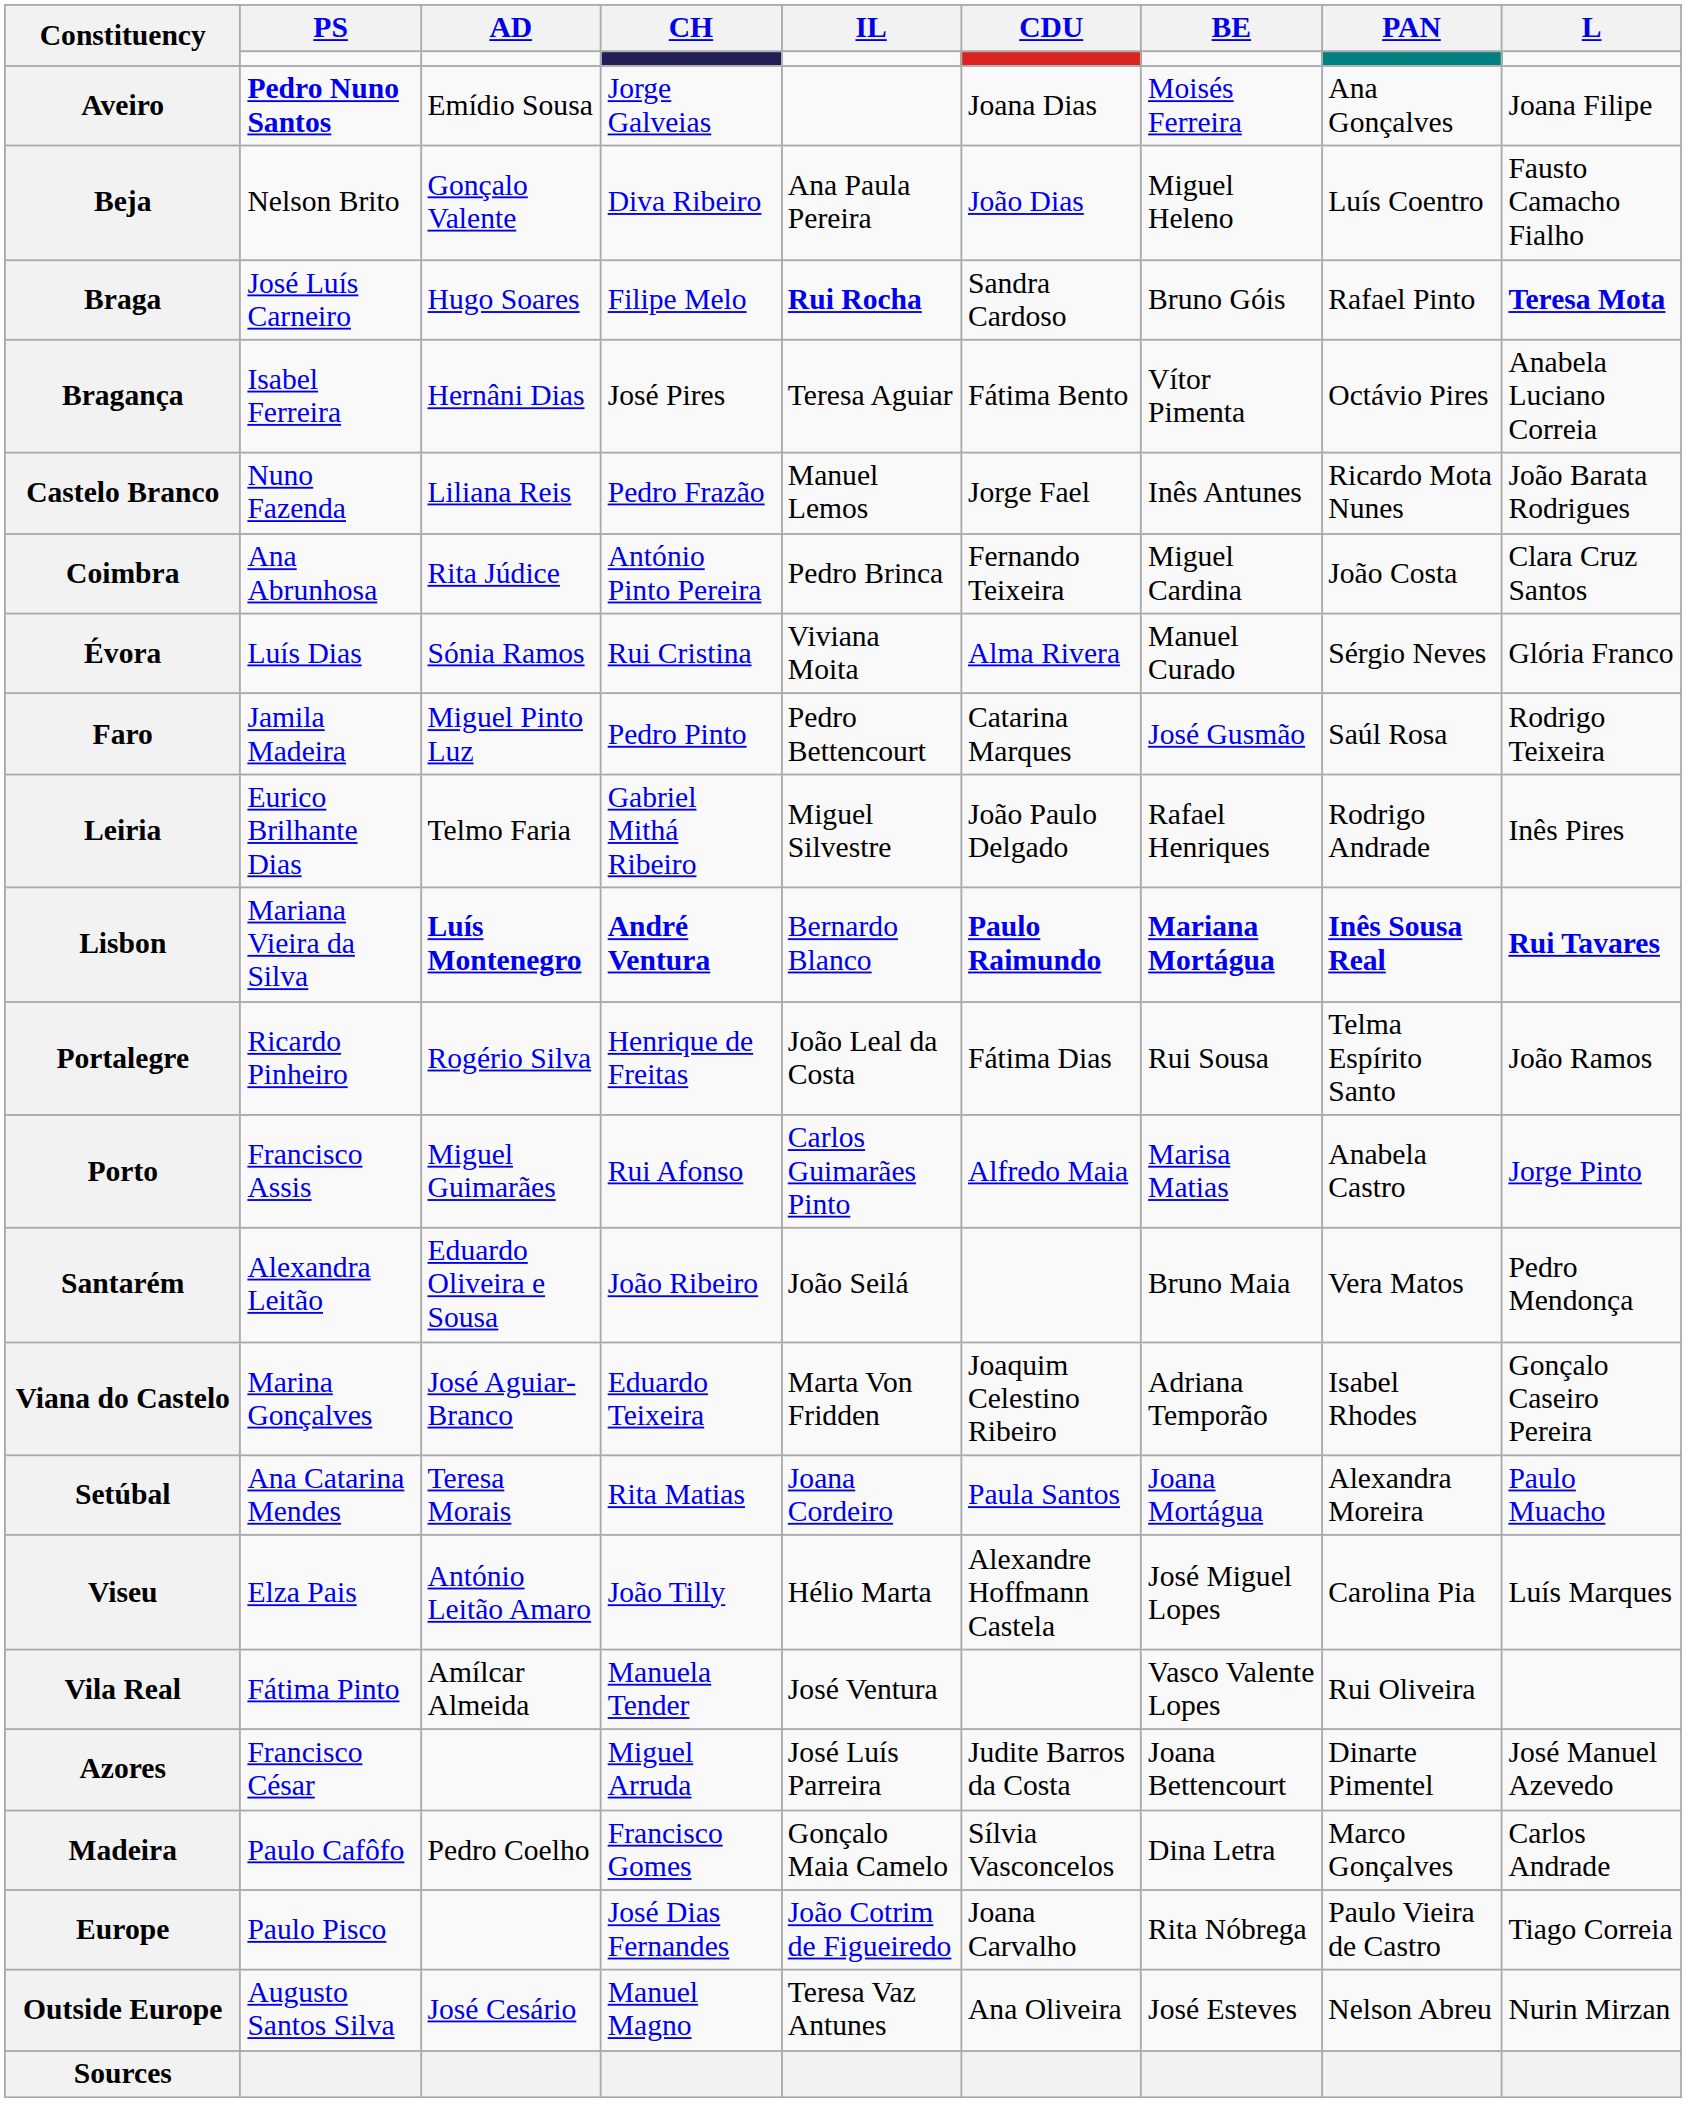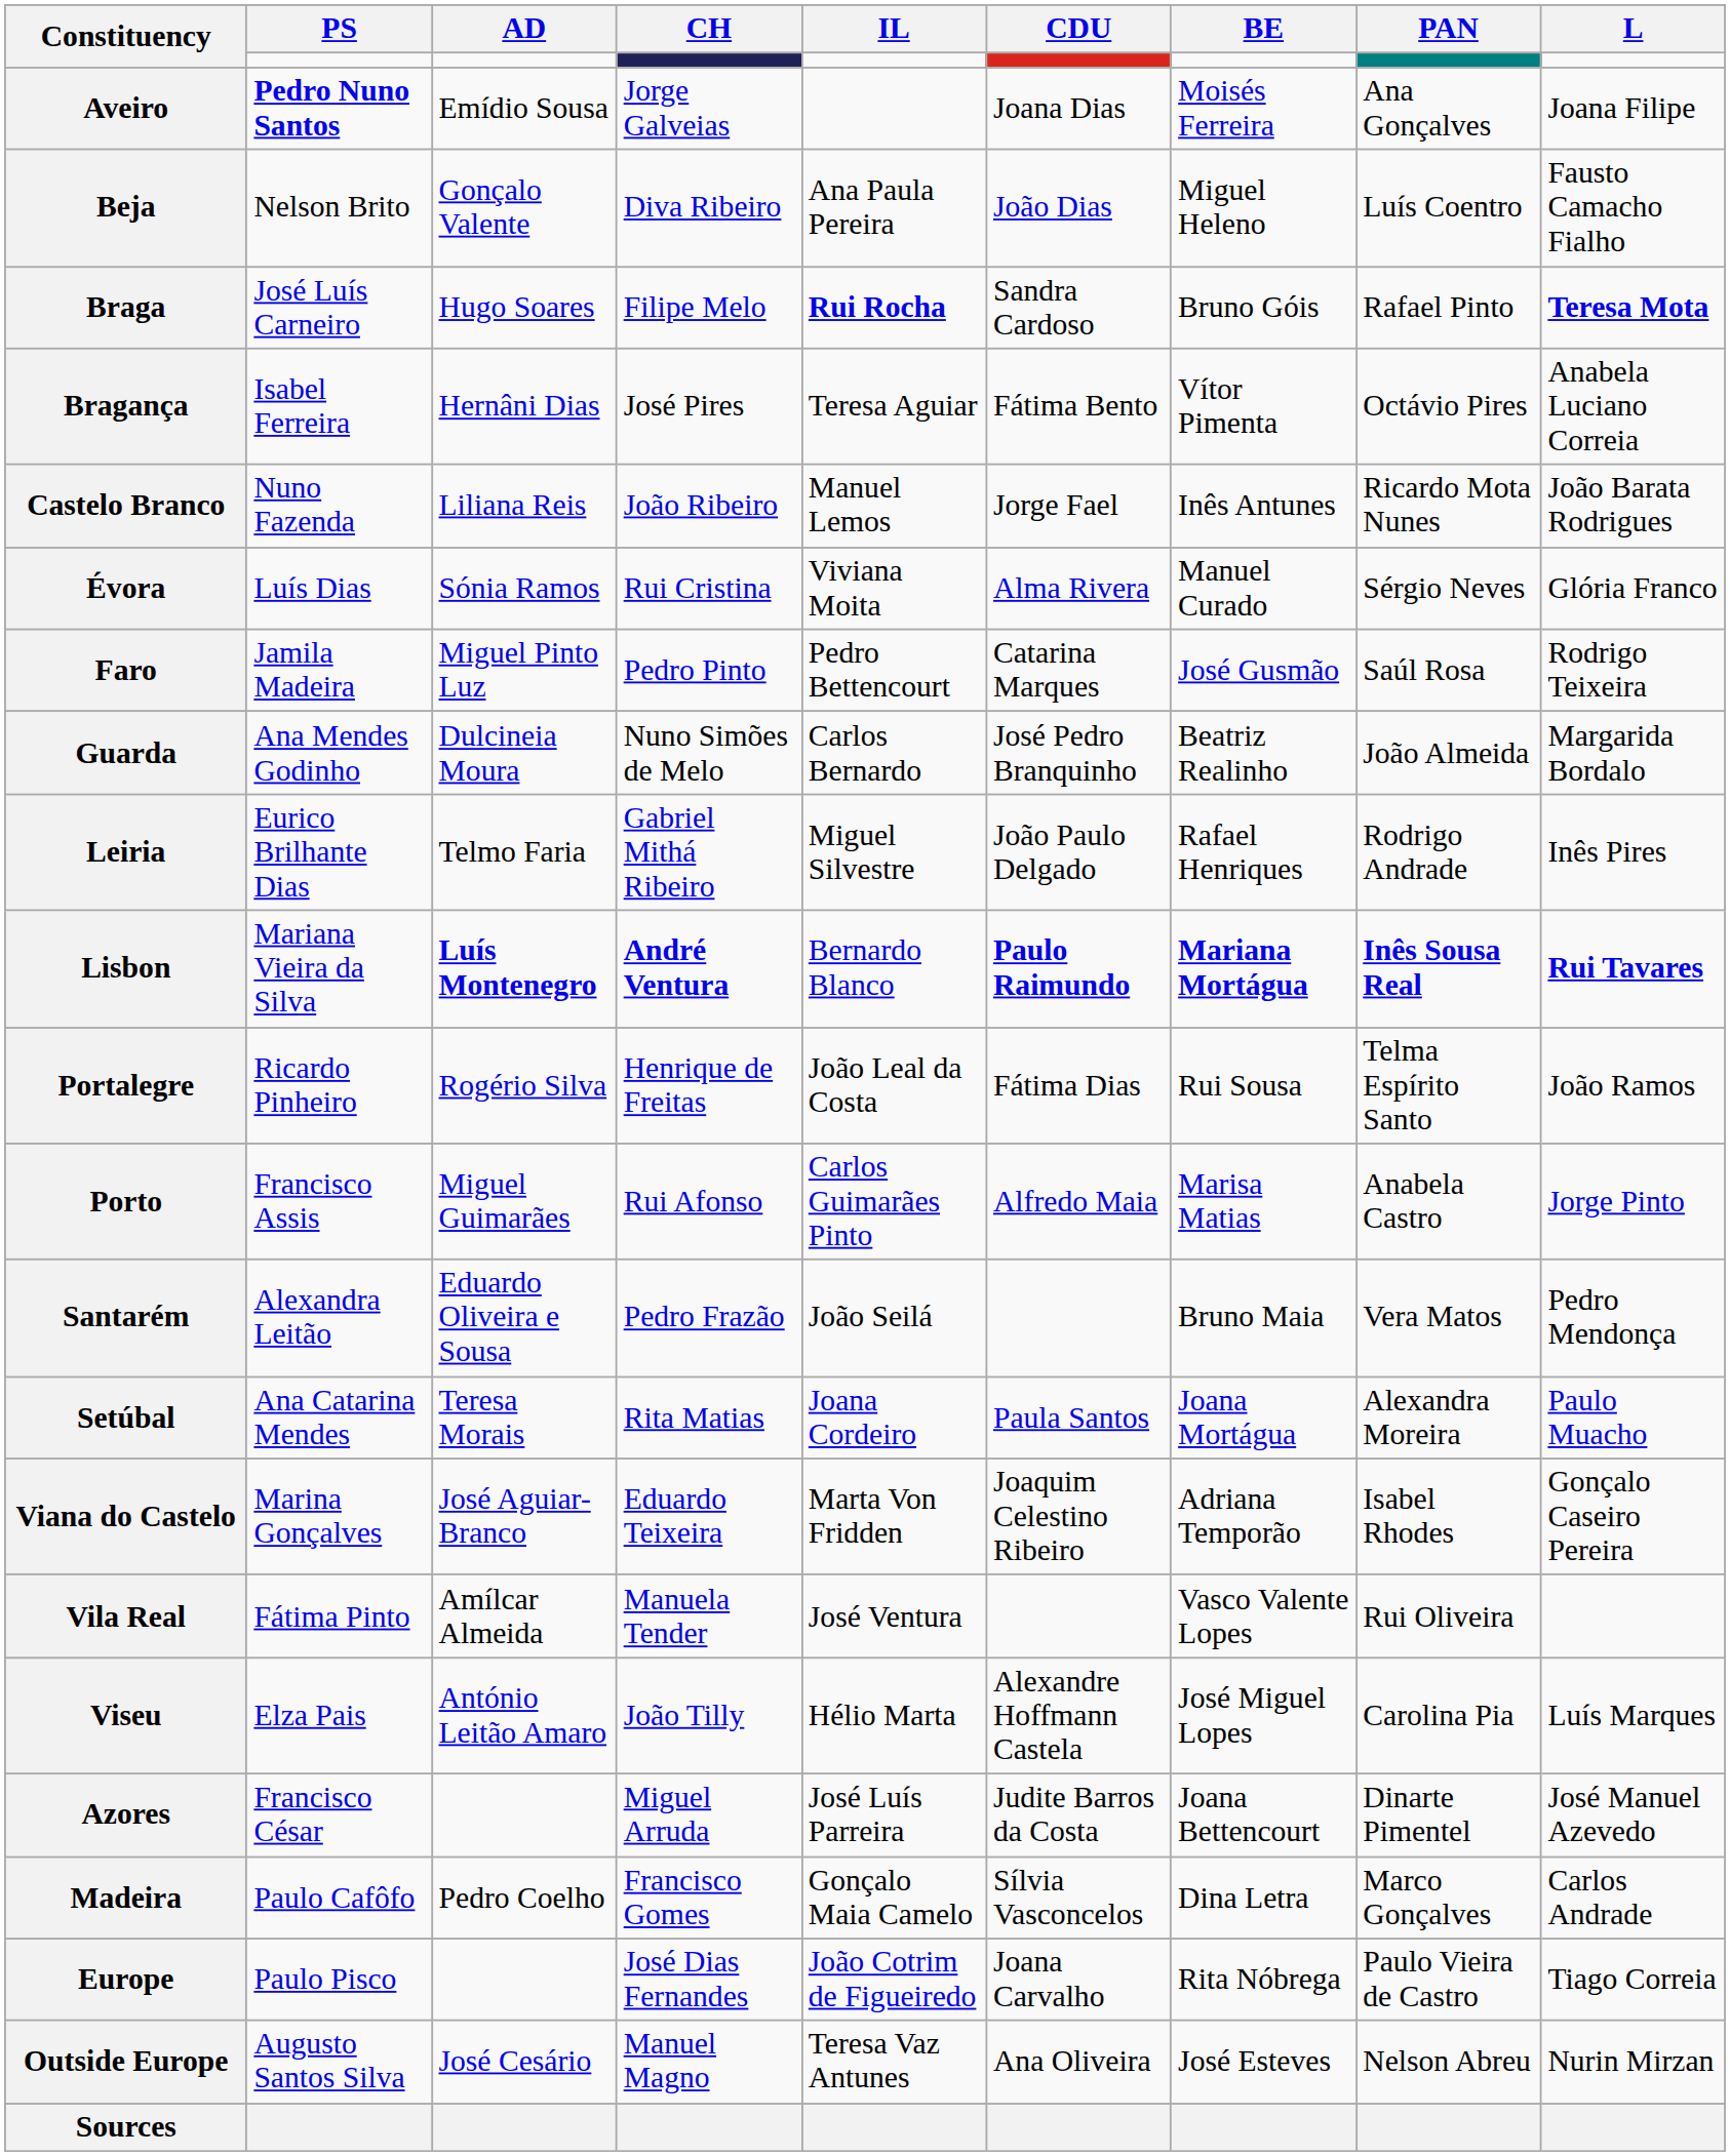 <table class="wikitable">
 <tr>
 <th rowspan="2" style="width:120px;">Constituency</th>
 <th style="width:90px;"><a href='#'>PS</a></th>
 <th style="width:90px;"><a href='#'>AD</a></th>
 <th style="width:90px;"><a href='#'>CH</a></th>
 <th style="width:90px;"><a href='#'>IL</a></th>
 <th style="width:90px;"><a href='#'>CDU</a></th>
 <th style="width:90px;"><a href='#'>BE</a></th>
 <th style="width:90px;"><a href='#'>PAN</a></th>
 <th style="width:90px;"><a href='#'>L</a></th>
 </tr>
 <tr>
 <td style="background:"></td>
 <td style="background:"></td>
 <td style="background:#202056;"></td>
 <td style="background:"></td>
 <td style="background:#da251e;"></td>
 <td style="background:"></td>
 <td style="background:teal;"></td>
 <td style="background:"></td>
 </tr>
 <tr>
 <th>Aveiro</th>
 <td><strong><a href='#'>Pedro Nuno Santos</a></strong></td>
 <td>Emídio Sousa</td>
 <td><a href='#'>Jorge Galveias</a></td>
 <td></td>
 <td>Joana Dias</td>
 <td><a href='#'>Moisés Ferreira</a></td>
 <td>Ana Gonçalves</td>
 <td>Joana Filipe</td>
 </tr>
 <tr>
 <th>Beja</th>
 <td>Nelson Brito</td>
 <td><a href='#'>Gonçalo Valente</a></td>
 <td><a href='#'>Diva Ribeiro</a></td>
 <td>Ana Paula Pereira</td>
 <td><a href='#'>João Dias</a></td>
 <td>Miguel Heleno</td>
 <td>Luís Coentro</td>
 <td>Fausto Camacho Fialho</td>
 </tr>
 <tr>
 <th>Braga</th>
 <td><a href='#'>José Luís Carneiro</a></td>
 <td><a href='#'>Hugo Soares</a></td>
 <td><a href='#'>Filipe Melo</a></td>
 <td><strong><a href='#'>Rui Rocha</a></strong></td>
 <td>Sandra Cardoso</td>
 <td>Bruno Góis</td>
 <td>Rafael Pinto</td>
 <td><strong><a href='#'>Teresa Mota</a></strong></td>
 </tr>
 <tr>
 <th>Bragança</th>
 <td><a href='#'>Isabel Ferreira</a></td>
 <td><a href='#'>Hernâni Dias</a></td>
 <td>José Pires</td>
 <td>Teresa Aguiar</td>
 <td>Fátima Bento</td>
 <td>Vítor Pimenta</td>
 <td>Octávio Pires</td>
 <td>Anabela Luciano Correia</td>
 </tr>
 <tr>
 <th>Castelo Branco</th>
 <td><a href='#'>Nuno Fazenda</a></td>
 <td><a href='#'>Liliana Reis</a></td>
-<td><a href='#'>Pedro Frazão</a></td>
+<td><a href='#'>João Ribeiro</a></td>
 <td>Manuel Lemos</td>
 <td>Jorge Fael</td>
 <td>Inês Antunes</td>
 <td>Ricardo Mota Nunes</td>
 <td>João Barata Rodrigues</td>
-</tr>
-<tr>
-<th>Coimbra</th>
-<td><a href='#'>Ana Abrunhosa</a></td>
-<td><a href='#'>Rita Júdice</a></td>
-<td><a href='#'>António Pinto Pereira</a></td>
-<td>Pedro Brinca</td>
-<td>Fernando Teixeira</td>
-<td>Miguel Cardina</td>
-<td>João Costa</td>
-<td>Clara Cruz Santos</td>
 </tr>
 <tr>
 <th>Évora</th>
 <td><a href='#'>Luís Dias</a></td>
 <td><a href='#'>Sónia Ramos</a></td>
 <td><a href='#'>Rui Cristina</a></td>
 <td>Viviana Moita</td>
 <td><a href='#'>Alma Rivera</a></td>
 <td>Manuel Curado</td>
 <td>Sérgio Neves</td>
 <td>Glória Franco</td>
 </tr>
 <tr>
 <th>Faro</th>
 <td><a href='#'>Jamila Madeira</a></td>
 <td><a href='#'>Miguel Pinto Luz</a></td>
 <td><a href='#'>Pedro Pinto</a></td>
 <td>Pedro Bettencourt</td>
 <td>Catarina Marques</td>
 <td><a href='#'>José Gusmão</a></td>
 <td>Saúl Rosa</td>
 <td>Rodrigo Teixeira</td>
+</tr>
+<tr>
+<th>Guarda</th>
+<td><a href='#'>Ana Mendes Godinho</a></td>
+<td><a href='#'>Dulcineia Moura</a></td>
+<td>Nuno Simões de Melo</td>
+<td>Carlos Bernardo</td>
+<td>José Pedro Branquinho</td>
+<td>Beatriz Realinho</td>
+<td>João Almeida</td>
+<td>Margarida Bordalo</td>
 </tr>
 <tr>
 <th>Leiria</th>
 <td><a href='#'>Eurico Brilhante Dias</a></td>
 <td>Telmo Faria</td>
 <td><a href='#'>Gabriel Mithá Ribeiro</a></td>
 <td>Miguel Silvestre</td>
 <td>João Paulo Delgado</td>
 <td>Rafael Henriques</td>
 <td>Rodrigo Andrade</td>
 <td>Inês Pires</td>
 </tr>
 <tr>
 <th>Lisbon</th>
 <td><a href='#'>Mariana Vieira da Silva</a></td>
 <td><strong><a href='#'>Luís Montenegro</a></strong></td>
 <td><strong><a href='#'>André Ventura</a></strong></td>
 <td><a href='#'>Bernardo Blanco</a></td>
 <td><strong><a href='#'>Paulo Raimundo</a></strong></td>
 <td><strong><a href='#'>Mariana Mortágua</a></strong></td>
 <td><strong><a href='#'>Inês Sousa Real</a></strong></td>
 <td><strong><a href='#'>Rui Tavares</a></strong></td>
 </tr>
 <tr>
 <th>Portalegre</th>
 <td><a href='#'>Ricardo Pinheiro</a></td>
 <td><a href='#'>Rogério Silva</a></td>
 <td><a href='#'>Henrique de Freitas</a></td>
 <td>João Leal da Costa</td>
 <td>Fátima Dias</td>
 <td>Rui Sousa</td>
 <td>Telma Espírito Santo</td>
 <td>João Ramos</td>
 </tr>
 <tr>
 <th>Porto</th>
 <td><a href='#'>Francisco Assis</a></td>
 <td><a href='#'>Miguel Guimarães</a></td>
 <td><a href='#'>Rui Afonso</a></td>
 <td><a href='#'>Carlos Guimarães Pinto</a></td>
 <td><a href='#'>Alfredo Maia</a></td>
 <td><a href='#'>Marisa Matias</a></td>
 <td>Anabela Castro</td>
 <td><a href='#'>Jorge Pinto</a></td>
 </tr>
 <tr>
 <th>Santarém</th>
 <td><a href='#'>Alexandra Leitão</a></td>
 <td><a href='#'>Eduardo Oliveira e Sousa</a></td>
-<td><a href='#'>João Ribeiro</a></td>
+<td><a href='#'>Pedro Frazão</a></td>
 <td>João Seilá</td>
 <td></td>
 <td>Bruno Maia</td>
 <td>Vera Matos</td>
 <td>Pedro Mendonça</td>
+</tr>
+<tr>
+<th>Setúbal</th>
+<td><a href='#'>Ana Catarina Mendes</a></td>
+<td><a href='#'>Teresa Morais</a></td>
+<td><a href='#'>Rita Matias</a></td>
+<td><a href='#'>Joana Cordeiro</a></td>
+<td><a href='#'>Paula Santos</a></td>
+<td><a href='#'>Joana Mortágua</a></td>
+<td>Alexandra Moreira</td>
+<td><a href='#'>Paulo Muacho</a></td>
 </tr>
 <tr>
 <th>Viana do Castelo</th>
 <td><a href='#'>Marina Gonçalves</a></td>
 <td><a href='#'>José Aguiar-Branco</a></td>
 <td><a href='#'>Eduardo Teixeira</a></td>
 <td>Marta Von Fridden</td>
 <td>Joaquim Celestino Ribeiro</td>
 <td>Adriana Temporão</td>
 <td>Isabel Rhodes</td>
 <td>Gonçalo Caseiro Pereira</td>
 </tr>
 <tr>
-<th>Setúbal</th>
-<td><a href='#'>Ana Catarina Mendes</a></td>
-<td><a href='#'>Teresa Morais</a></td>
-<td><a href='#'>Rita Matias</a></td>
-<td><a href='#'>Joana Cordeiro</a></td>
-<td><a href='#'>Paula Santos</a></td>
-<td><a href='#'>Joana Mortágua</a></td>
-<td>Alexandra Moreira</td>
-<td><a href='#'>Paulo Muacho</a></td>
+<th>Vila Real</th>
+<td><a href='#'>Fátima Pinto</a></td>
+<td>Amílcar Almeida</td>
+<td><a href='#'>Manuela Tender</a></td>
+<td>José Ventura</td>
+<td></td>
+<td>Vasco Valente Lopes</td>
+<td>Rui Oliveira</td>
+<td></td>
 </tr>
 <tr>
 <th>Viseu</th>
 <td><a href='#'>Elza Pais</a></td>
 <td><a href='#'>António Leitão Amaro</a></td>
 <td><a href='#'>João Tilly</a></td>
 <td>Hélio Marta</td>
 <td>Alexandre Hoffmann Castela</td>
 <td>José Miguel Lopes</td>
 <td>Carolina Pia</td>
 <td>Luís Marques</td>
-</tr>
-<tr>
-<th>Vila Real</th>
-<td><a href='#'>Fátima Pinto</a></td>
-<td>Amílcar Almeida</td>
-<td><a href='#'>Manuela Tender</a></td>
-<td>José Ventura</td>
-<td></td>
-<td>Vasco Valente Lopes</td>
-<td>Rui Oliveira</td>
-<td></td>
 </tr>
 <tr>
 <th>Azores</th>
 <td><a href='#'>Francisco César</a></td>
 <td></td>
 <td><a href='#'>Miguel Arruda</a></td>
 <td>José Luís Parreira</td>
 <td>Judite Barros da Costa</td>
 <td>Joana Bettencourt</td>
 <td>Dinarte Pimentel</td>
 <td>José Manuel Azevedo</td>
 </tr>
 <tr>
 <th>Madeira</th>
 <td><a href='#'>Paulo Cafôfo</a></td>
 <td>Pedro Coelho</td>
 <td><a href='#'>Francisco Gomes</a></td>
 <td>Gonçalo Maia Camelo</td>
 <td>Sílvia Vasconcelos</td>
 <td>Dina Letra</td>
 <td>Marco Gonçalves</td>
 <td>Carlos Andrade</td>
 </tr>
 <tr>
 <th>Europe</th>
 <td><a href='#'>Paulo Pisco</a></td>
 <td></td>
 <td><a href='#'>José Dias Fernandes</a></td>
 <td><a href='#'>João Cotrim de Figueiredo</a></td>
 <td>Joana Carvalho</td>
 <td>Rita Nóbrega</td>
 <td>Paulo Vieira de Castro</td>
 <td>Tiago Correia</td>
 </tr>
 <tr>
 <th>Outside Europe</th>
 <td><a href='#'>Augusto Santos Silva</a></td>
 <td><a href='#'>José Cesário</a></td>
 <td><a href='#'>Manuel Magno</a></td>
 <td>Teresa Vaz Antunes</td>
 <td>Ana Oliveira</td>
 <td>José Esteves</td>
 <td>Nelson Abreu</td>
 <td>Nurin Mirzan</td>
 </tr>
 <tr>
 <th>Sources</th>
 <th></th>
 <th></th>
 <th></th>
 <th></th>
 <th></th>
 <th></th>
 <th></th>
 <th></th>
 </tr>
 </table>
